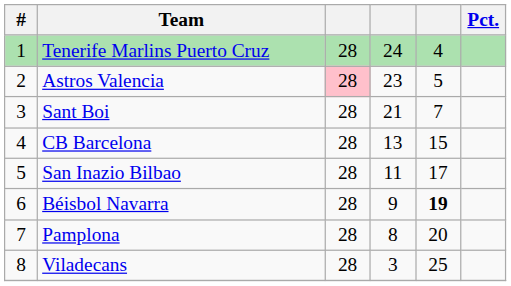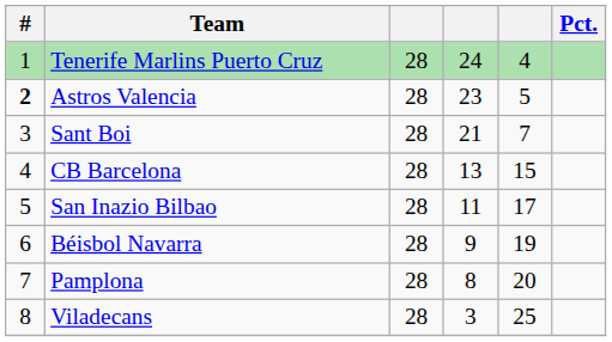 <table class="wikitable" style="text-align:center;">
 <tr>
 <th width=20>#</th>
 <th width=230>Team</th>
 <th width=30></th>
 <th width=30></th>
 <th width=30></th>
 <th width=30><a href='#'>Pct.</a></th>
 </tr>
 <tr style="background: #ACE1AF">
 <td>1</td>
 <td align=left><a href='#'>Tenerife Marlins Puerto Cruz</a></td>
 <td>28</td>
 <td>24</td>
 <td>4</td>
 <td><strong></strong></td>
 </tr>
 <tr>
-<td>2</td>
+<td><strong>2</strong></td>
 <td align=left><a href='#'>Astros Valencia</a></td>
-<td style="background: pink;">28</td>
+<td>28</td>
 <td>23</td>
 <td>5</td>
 <td><strong></strong></td>
 </tr>
 <tr>
 <td>3</td>
 <td align=left><a href='#'>Sant Boi</a></td>
 <td>28</td>
 <td>21</td>
 <td>7</td>
 <td><strong></strong></td>
 </tr>
 <tr>
 <td>4</td>
 <td align=left><a href='#'>CB Barcelona</a></td>
 <td>28</td>
 <td>13</td>
 <td>15</td>
 <td><strong></strong></td>
 </tr>
 <tr>
 <td>5</td>
 <td align=left><a href='#'>San Inazio Bilbao</a></td>
 <td>28</td>
 <td>11</td>
 <td>17</td>
 <td><strong></strong></td>
 </tr>
 <tr>
 <td>6</td>
 <td align=left><a href='#'>Béisbol Navarra</a></td>
 <td>28</td>
 <td>9</td>
-<td><strong>19</strong></td>
+<td>19</td>
 <td><strong></strong></td>
 </tr>
 <tr>
 <td>7</td>
 <td align=left><a href='#'>Pamplona</a></td>
 <td>28</td>
 <td>8</td>
 <td>20</td>
 <td><strong></strong></td>
 </tr>
 <tr>
 <td>8</td>
 <td align=left><a href='#'>Viladecans</a></td>
 <td>28</td>
 <td>3</td>
 <td>25</td>
 <td><strong></strong></td>
 </tr>
 <tr>
 </tr>
 </table>
